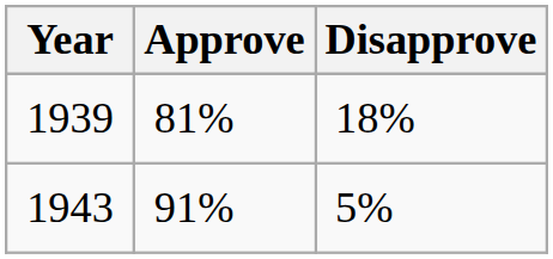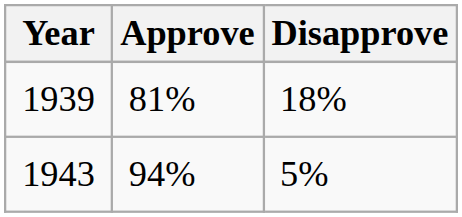 <table class="wikitable sortable" text-align:center;">
 <tr>
 <th>Year</th>
 <th>Approve</th>
 <th>Disapprove</th>
 </tr>
 <tr style="font-size:85%">
 </tr>
 <tr>
 <td style="padding: 7px;">1939</td>
 <td style="padding: 7px;">81%</td>
 <td style="padding: 7px;">18%</td>
 </tr>
 <tr>
 <td style="padding: 7px;">1943</td>
-<td style="padding: 7px;">91%</td>
+<td style="padding: 7px;">94%</td>
 <td style="padding: 7px;">5%</td>
 </tr>
 </table>
